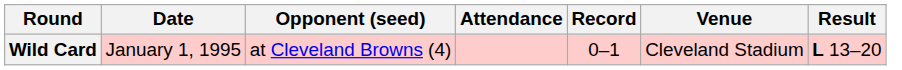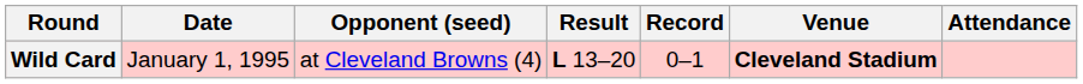 <table class="wikitable" style="text-align:center">
 <tr>
 <th>Round</th>
 <th>Date</th>
 <th>Opponent (seed)</th>
-<th>Attendance</th>
+<th>Result</th>
 <th>Record</th>
 <th>Venue</th>
-<th>Result</th>
+<th>Attendance</th>
 </tr>
 <tr style="background: #fcc;">
 <th>Wild Card</th>
 <td>January 1, 1995</td>
 <td>at <a href='#'>Cleveland Browns</a> (4)</td>
+<td><strong>L</strong> 13–20</td>
+<td>0–1</td>
+<td><strong>Cleveland Stadium</strong></td>
 <td></td>
-<td>0–1</td>
-<td>Cleveland Stadium</td>
-<td><strong>L</strong> 13–20</td>
 </tr>
 </table>
